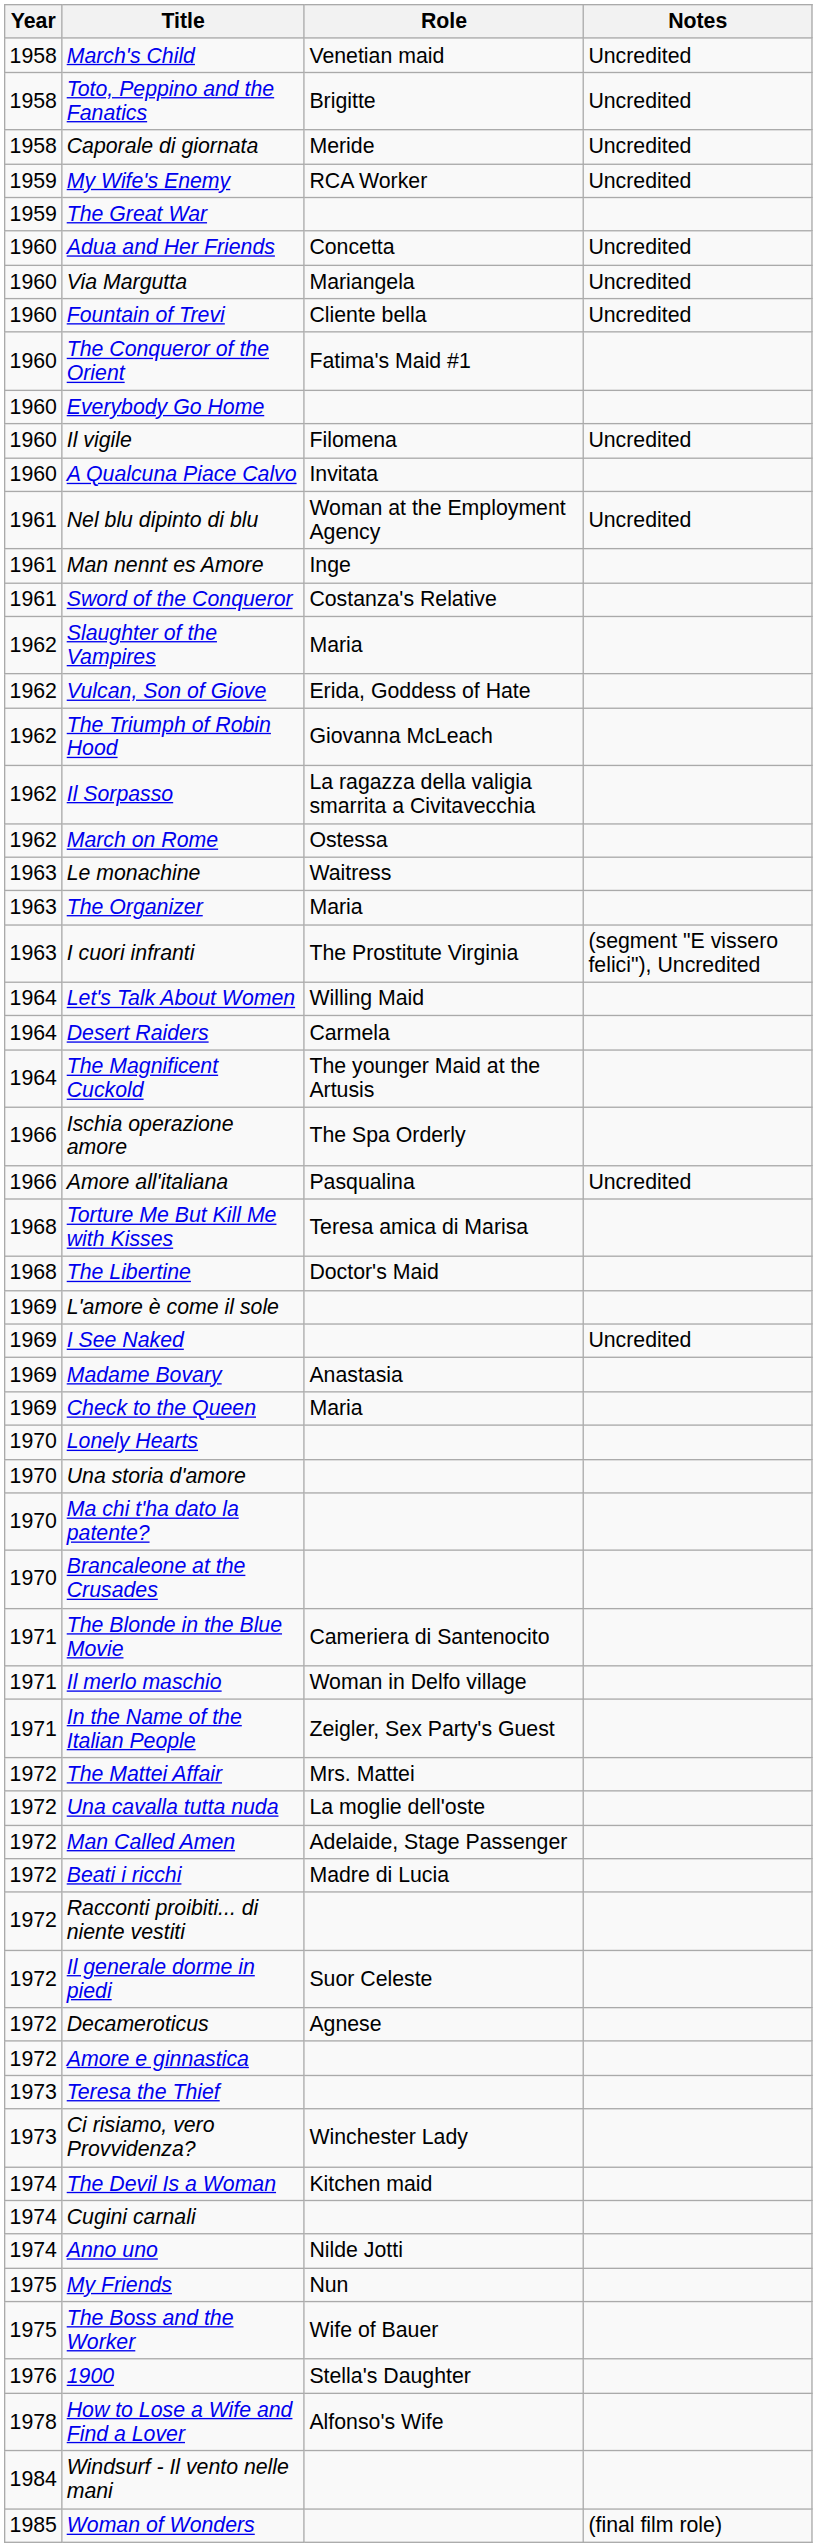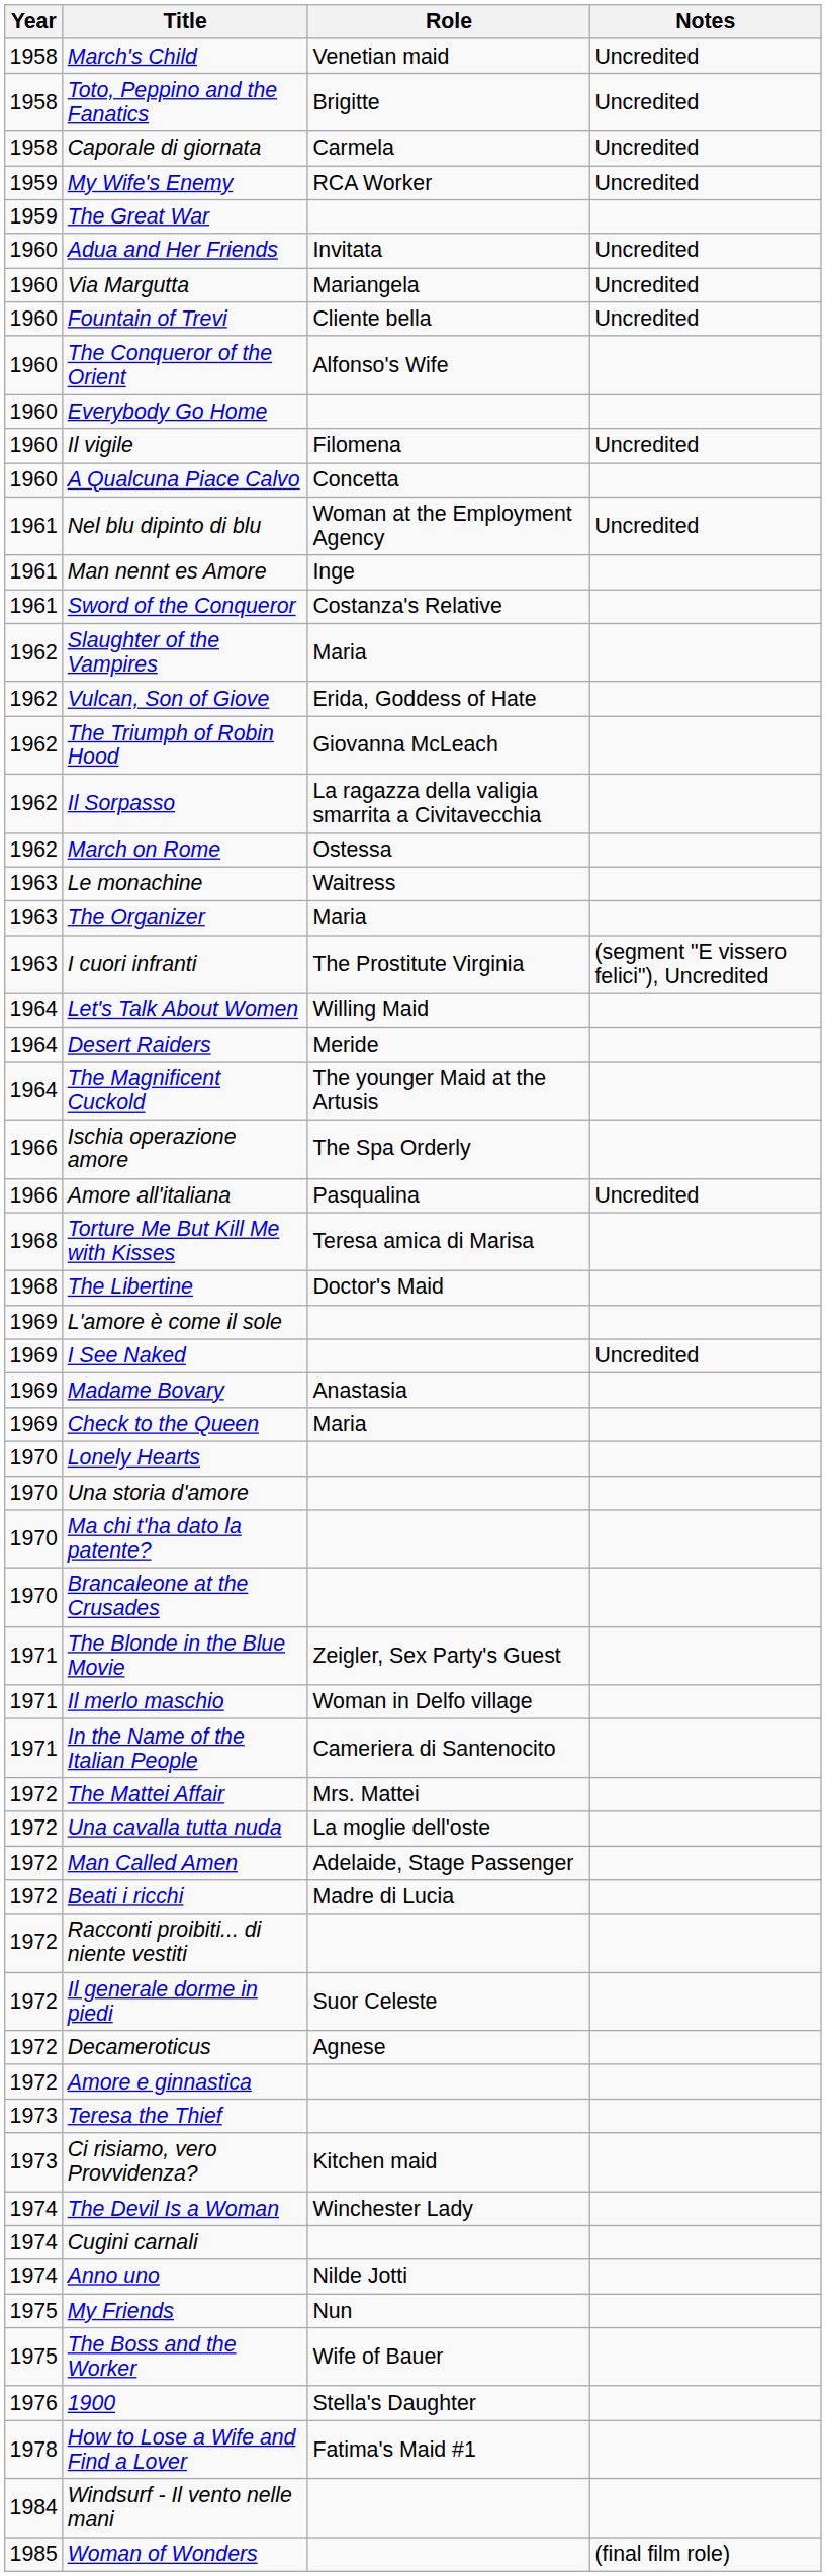 <table class="wikitable">
 <tr>
 <th>Year</th>
 <th>Title</th>
 <th>Role</th>
 <th>Notes</th>
 </tr>
 <tr>
 <td>1958</td>
 <td><em><a href='#'>March's Child</a></em></td>
 <td>Venetian maid</td>
 <td>Uncredited</td>
 </tr>
 <tr>
 <td>1958</td>
 <td><em><a href='#'>Toto, Peppino and the Fanatics</a></em></td>
 <td>Brigitte</td>
 <td>Uncredited</td>
 </tr>
 <tr>
 <td>1958</td>
 <td><em>Caporale di giornata</em></td>
-<td>Meride</td>
+<td>Carmela</td>
 <td>Uncredited</td>
 </tr>
 <tr>
 <td>1959</td>
 <td><em><a href='#'>My Wife's Enemy</a></em></td>
 <td>RCA Worker</td>
 <td>Uncredited</td>
 </tr>
 <tr>
 <td>1959</td>
 <td><em><a href='#'>The Great War</a></em></td>
 <td></td>
 <td></td>
 </tr>
 <tr>
 <td>1960</td>
 <td><em><a href='#'>Adua and Her Friends</a></em></td>
-<td>Concetta</td>
+<td>Invitata</td>
 <td>Uncredited</td>
 </tr>
 <tr>
 <td>1960</td>
 <td><em>Via Margutta</em></td>
 <td>Mariangela</td>
 <td>Uncredited</td>
 </tr>
 <tr>
 <td>1960</td>
 <td><em><a href='#'>Fountain of Trevi</a></em></td>
 <td>Cliente bella</td>
 <td>Uncredited</td>
 </tr>
 <tr>
 <td>1960</td>
 <td><em><a href='#'>The Conqueror of the Orient</a></em></td>
-<td>Fatima's Maid #1</td>
+<td>Alfonso's Wife</td>
 <td></td>
 </tr>
 <tr>
 <td>1960</td>
 <td><em><a href='#'>Everybody Go Home</a></em></td>
 <td></td>
 <td></td>
 </tr>
 <tr>
 <td>1960</td>
 <td><em>Il vigile</em></td>
 <td>Filomena</td>
 <td>Uncredited</td>
 </tr>
 <tr>
 <td>1960</td>
 <td><em><a href='#'>A Qualcuna Piace Calvo</a></em></td>
-<td>Invitata</td>
+<td>Concetta</td>
 <td></td>
 </tr>
 <tr>
 <td>1961</td>
 <td><em>Nel blu dipinto di blu</em></td>
 <td>Woman at the Employment Agency</td>
 <td>Uncredited</td>
 </tr>
 <tr>
 <td>1961</td>
 <td><em>Man nennt es Amore</em></td>
 <td>Inge</td>
 <td></td>
 </tr>
 <tr>
 <td>1961</td>
 <td><em><a href='#'>Sword of the Conqueror</a></em></td>
 <td>Costanza's Relative</td>
 <td></td>
 </tr>
 <tr>
 <td>1962</td>
 <td><em><a href='#'>Slaughter of the Vampires</a></em></td>
 <td>Maria</td>
 <td></td>
 </tr>
 <tr>
 <td>1962</td>
 <td><em><a href='#'>Vulcan, Son of Giove</a></em></td>
 <td>Erida, Goddess of Hate</td>
 <td></td>
 </tr>
 <tr>
 <td>1962</td>
 <td><em><a href='#'>The Triumph of Robin Hood</a></em></td>
 <td>Giovanna McLeach</td>
 <td></td>
 </tr>
 <tr>
 <td>1962</td>
 <td><em><a href='#'>Il Sorpasso</a></em></td>
 <td>La ragazza della valigia smarrita a Civitavecchia</td>
 <td></td>
 </tr>
 <tr>
 <td>1962</td>
 <td><em><a href='#'>March on Rome</a></em></td>
 <td>Ostessa</td>
 <td></td>
 </tr>
 <tr>
 <td>1963</td>
 <td><em>Le monachine</em></td>
 <td>Waitress</td>
 <td></td>
 </tr>
 <tr>
 <td>1963</td>
 <td><em><a href='#'>The Organizer</a></em></td>
 <td>Maria</td>
 <td></td>
 </tr>
 <tr>
 <td>1963</td>
 <td><em>I cuori infranti</em></td>
 <td>The Prostitute Virginia</td>
 <td>(segment "E vissero felici"), Uncredited</td>
 </tr>
 <tr>
 <td>1964</td>
 <td><em><a href='#'>Let's Talk About Women</a></em></td>
 <td>Willing Maid</td>
 <td></td>
 </tr>
 <tr>
 <td>1964</td>
 <td><em><a href='#'>Desert Raiders</a></em></td>
-<td>Carmela</td>
+<td>Meride</td>
 <td></td>
 </tr>
 <tr>
 <td>1964</td>
 <td><em><a href='#'>The Magnificent Cuckold</a></em></td>
 <td>The younger Maid at the Artusis</td>
 <td></td>
 </tr>
 <tr>
 <td>1966</td>
 <td><em>Ischia operazione amore</em></td>
 <td>The Spa Orderly</td>
 <td></td>
 </tr>
 <tr>
 <td>1966</td>
 <td><em>Amore all'italiana</em></td>
 <td>Pasqualina</td>
 <td>Uncredited</td>
 </tr>
 <tr>
 <td>1968</td>
 <td><em><a href='#'>Torture Me But Kill Me with Kisses</a></em></td>
 <td>Teresa amica di Marisa</td>
 <td></td>
 </tr>
 <tr>
 <td>1968</td>
 <td><em><a href='#'>The Libertine</a></em></td>
 <td>Doctor's Maid</td>
 <td></td>
 </tr>
 <tr>
 <td>1969</td>
 <td><em>L'amore è come il sole</em></td>
 <td></td>
 <td></td>
 </tr>
 <tr>
 <td>1969</td>
 <td><em><a href='#'>I See Naked</a></em></td>
 <td></td>
 <td>Uncredited</td>
 </tr>
 <tr>
 <td>1969</td>
 <td><em><a href='#'>Madame Bovary</a></em></td>
 <td>Anastasia</td>
 <td></td>
 </tr>
 <tr>
 <td>1969</td>
 <td><em><a href='#'>Check to the Queen</a></em></td>
 <td>Maria</td>
 <td></td>
 </tr>
 <tr>
 <td>1970</td>
 <td><em><a href='#'>Lonely Hearts</a></em></td>
 <td></td>
 <td></td>
 </tr>
 <tr>
 <td>1970</td>
 <td><em>Una storia d'amore</em></td>
 <td></td>
 <td></td>
 </tr>
 <tr>
 <td>1970</td>
 <td><em><a href='#'>Ma chi t'ha dato la patente?</a></em></td>
 <td></td>
 <td></td>
 </tr>
 <tr>
 <td>1970</td>
 <td><em><a href='#'>Brancaleone at the Crusades</a></em></td>
 <td></td>
 <td></td>
 </tr>
 <tr>
 <td>1971</td>
 <td><em><a href='#'>The Blonde in the Blue Movie</a></em></td>
-<td>Cameriera di Santenocito</td>
+<td>Zeigler, Sex Party's Guest</td>
 <td></td>
 </tr>
 <tr>
 <td>1971</td>
 <td><em><a href='#'>Il merlo maschio</a></em></td>
 <td>Woman in Delfo village</td>
 <td></td>
 </tr>
 <tr>
 <td>1971</td>
 <td><em><a href='#'>In the Name of the Italian People</a></em></td>
-<td>Zeigler, Sex Party's Guest</td>
+<td>Cameriera di Santenocito</td>
 <td></td>
 </tr>
 <tr>
 <td>1972</td>
 <td><em><a href='#'>The Mattei Affair</a></em></td>
 <td>Mrs. Mattei</td>
 <td></td>
 </tr>
 <tr>
 <td>1972</td>
 <td><em><a href='#'>Una cavalla tutta nuda</a></em></td>
 <td>La moglie dell'oste</td>
 <td></td>
 </tr>
 <tr>
 <td>1972</td>
 <td><em><a href='#'>Man Called Amen</a></em></td>
 <td>Adelaide, Stage Passenger</td>
 <td></td>
 </tr>
 <tr>
 <td>1972</td>
 <td><em><a href='#'>Beati i ricchi</a></em></td>
 <td>Madre di Lucia</td>
 <td></td>
 </tr>
 <tr>
 <td>1972</td>
 <td><em>Racconti proibiti... di niente vestiti</em></td>
 <td></td>
 <td></td>
 </tr>
 <tr>
 <td>1972</td>
 <td><em><a href='#'>Il generale dorme in piedi</a></em></td>
 <td>Suor Celeste</td>
 <td></td>
 </tr>
 <tr>
 <td>1972</td>
 <td><em>Decameroticus</em></td>
 <td>Agnese</td>
 <td></td>
 </tr>
 <tr>
 <td>1972</td>
 <td><em><a href='#'>Amore e ginnastica</a></em></td>
 <td></td>
 <td></td>
 </tr>
 <tr>
 <td>1973</td>
 <td><em><a href='#'>Teresa the Thief</a></em></td>
 <td></td>
 <td></td>
 </tr>
 <tr>
 <td>1973</td>
 <td><em>Ci risiamo, vero Provvidenza?</em></td>
-<td>Winchester Lady</td>
+<td>Kitchen maid</td>
 <td></td>
 </tr>
 <tr>
 <td>1974</td>
 <td><em><a href='#'>The Devil Is a Woman</a></em></td>
-<td>Kitchen maid</td>
+<td>Winchester Lady</td>
 <td></td>
 </tr>
 <tr>
 <td>1974</td>
 <td><em>Cugini carnali</em></td>
 <td></td>
 <td></td>
 </tr>
 <tr>
 <td>1974</td>
 <td><em><a href='#'>Anno uno</a></em></td>
 <td>Nilde Jotti</td>
 <td></td>
 </tr>
 <tr>
 <td>1975</td>
 <td><em><a href='#'>My Friends</a></em></td>
 <td>Nun</td>
 <td></td>
 </tr>
 <tr>
 <td>1975</td>
 <td><em><a href='#'>The Boss and the Worker</a></em></td>
 <td>Wife of Bauer</td>
 <td></td>
 </tr>
 <tr>
 <td>1976</td>
 <td><em><a href='#'>1900</a></em></td>
 <td>Stella's Daughter</td>
 <td></td>
 </tr>
 <tr>
 <td>1978</td>
 <td><em><a href='#'>How to Lose a Wife and Find a Lover</a></em></td>
-<td>Alfonso's Wife</td>
+<td>Fatima's Maid #1</td>
 <td></td>
 </tr>
 <tr>
 <td>1984</td>
 <td><em>Windsurf - Il vento nelle mani</em></td>
 <td></td>
 <td></td>
 </tr>
 <tr>
 <td>1985</td>
 <td><em><a href='#'>Woman of Wonders</a></em></td>
 <td></td>
 <td>(final film role)</td>
 </tr>
 </table>
